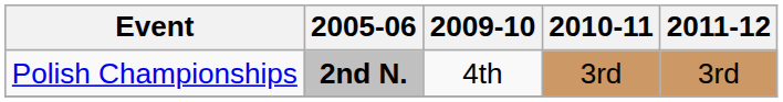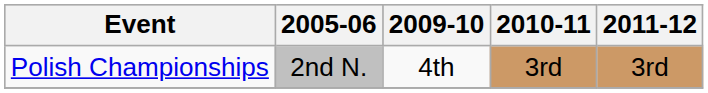 <table class="wikitable">
 <tr>
 <th>Event</th>
 <th>2005-06</th>
 <th>2009-10</th>
 <th>2010-11</th>
 <th>2011-12</th>
 </tr>
 <tr>
 <td><a href='#'>Polish Championships</a></td>
-<td align="center" bgcolor="silver"><strong>2nd N.</strong></td>
+<td align="center" bgcolor="silver">2nd N.</td>
 <td align="center">4th</td>
 <td align="center" bgcolor="cc9966">3rd</td>
 <td align="center" bgcolor="cc9966">3rd</td>
 </tr>
 <tr>
 </tr>
 </table>
